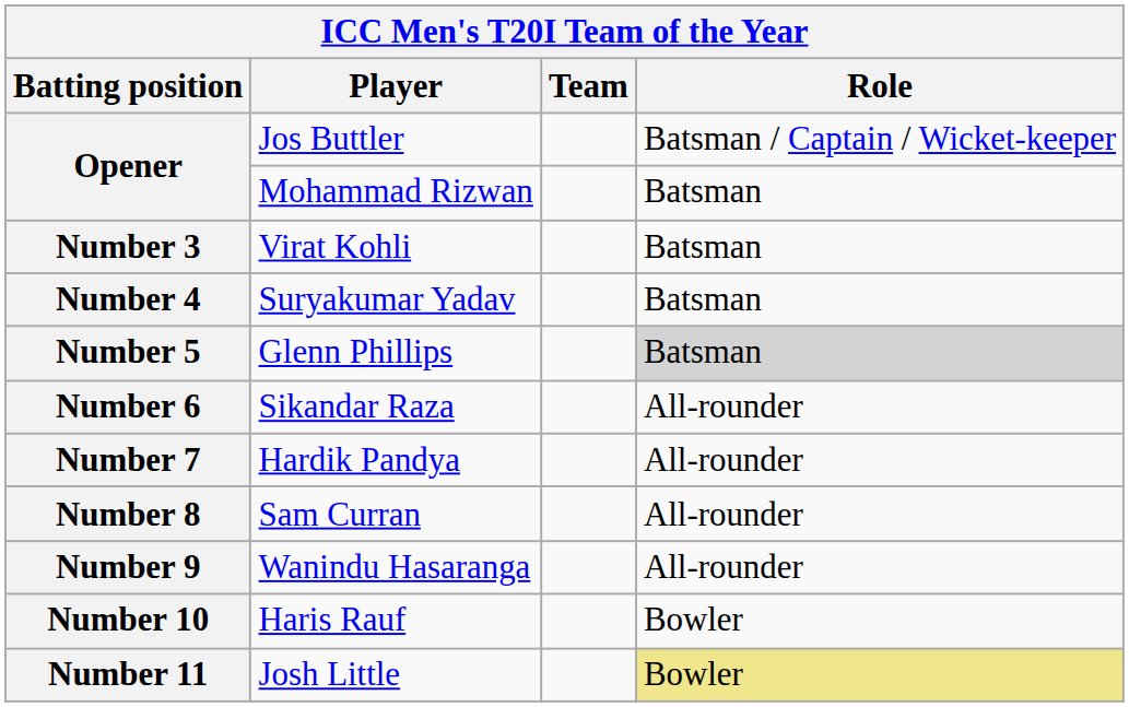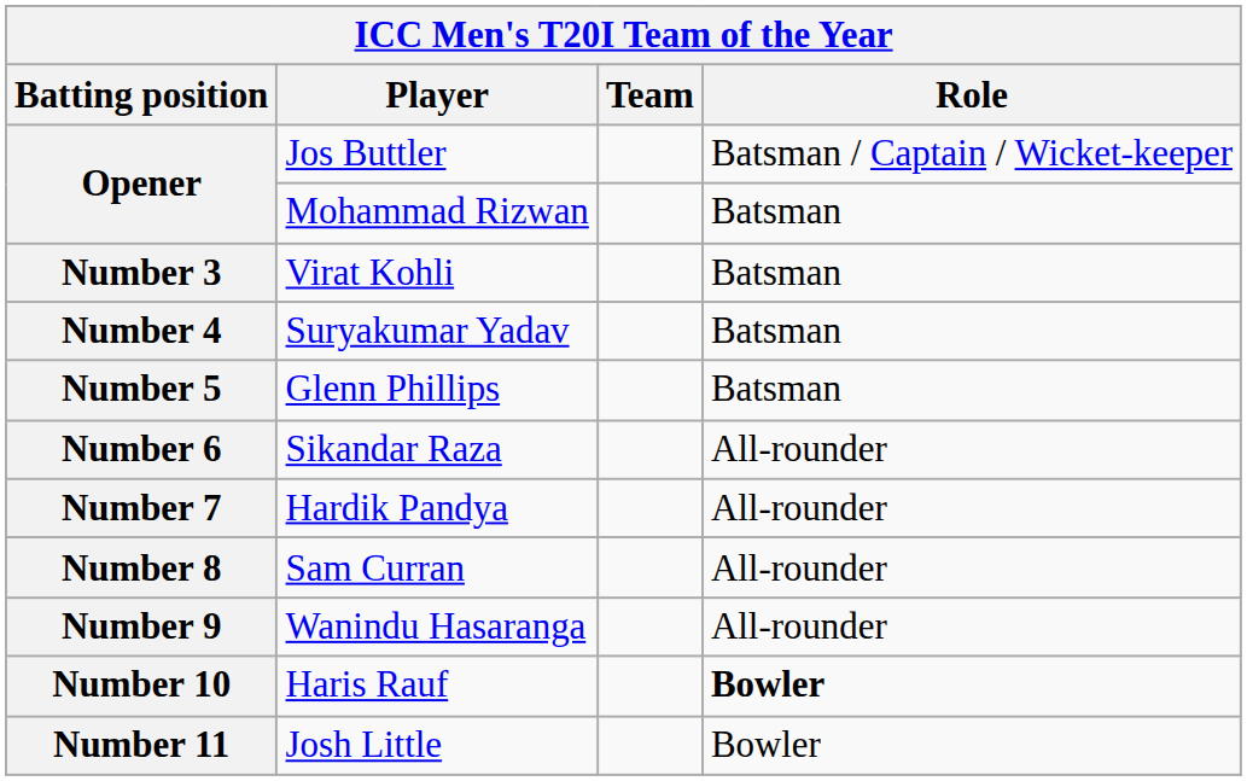 <table class="wikitable plainrowheaders">
 <tr style="background:#9cf;">
 <th colspan="5"><a href='#'>ICC Men's T20I Team of the Year</a></th>
 </tr>
 <tr>
 <th>Batting position</th>
 <th>Player</th>
 <th>Team</th>
 <th>Role</th>
 </tr>
 <tr>
 <th scope=row style=text-align:center; rowspan=2>Opener</th>
 <td><a href='#'>Jos Buttler</a></td>
 <td></td>
 <td>Batsman / <a href='#'>Captain</a> / <a href='#'>Wicket-keeper</a></td>
 </tr>
 <tr>
 <td><a href='#'>Mohammad Rizwan</a></td>
 <td></td>
 <td>Batsman</td>
 </tr>
 <tr>
 <th scope=row style=text-align:center;>Number 3</th>
 <td><a href='#'>Virat Kohli</a></td>
 <td></td>
 <td>Batsman</td>
 </tr>
 <tr>
 <th scope=row style=text-align:center;>Number 4</th>
 <td><a href='#'>Suryakumar Yadav</a></td>
 <td></td>
 <td>Batsman</td>
 </tr>
 <tr>
 <th scope=row style=text-align:center;>Number 5</th>
 <td><a href='#'>Glenn Phillips</a></td>
 <td></td>
-<td style="background: lightgrey;">Batsman</td>
+<td>Batsman</td>
 </tr>
 <tr>
 <th scope=row style=text-align:center;>Number 6</th>
 <td><a href='#'>Sikandar Raza</a></td>
 <td></td>
 <td>All-rounder</td>
 </tr>
 <tr>
 <th scope=row style=text-align:center;>Number 7</th>
 <td><a href='#'>Hardik Pandya</a></td>
 <td></td>
 <td>All-rounder</td>
 </tr>
 <tr>
 <th scope=row style=text-align:center;>Number 8</th>
 <td><a href='#'>Sam Curran</a></td>
 <td></td>
 <td>All-rounder</td>
 </tr>
 <tr>
 <th scope=row style=text-align:center;>Number 9</th>
 <td><a href='#'>Wanindu Hasaranga</a></td>
 <td></td>
 <td>All-rounder</td>
 </tr>
 <tr>
 <th scope=row style=text-align:center;>Number 10</th>
 <td><a href='#'>Haris Rauf</a></td>
 <td></td>
-<td>Bowler</td>
+<td><strong>Bowler</strong></td>
 </tr>
 <tr>
 <th scope=row style=text-align:center;>Number 11</th>
 <td><a href='#'>Josh Little</a></td>
 <td></td>
-<td style="background: khaki;">Bowler</td>
+<td>Bowler</td>
 </tr>
 </table>
